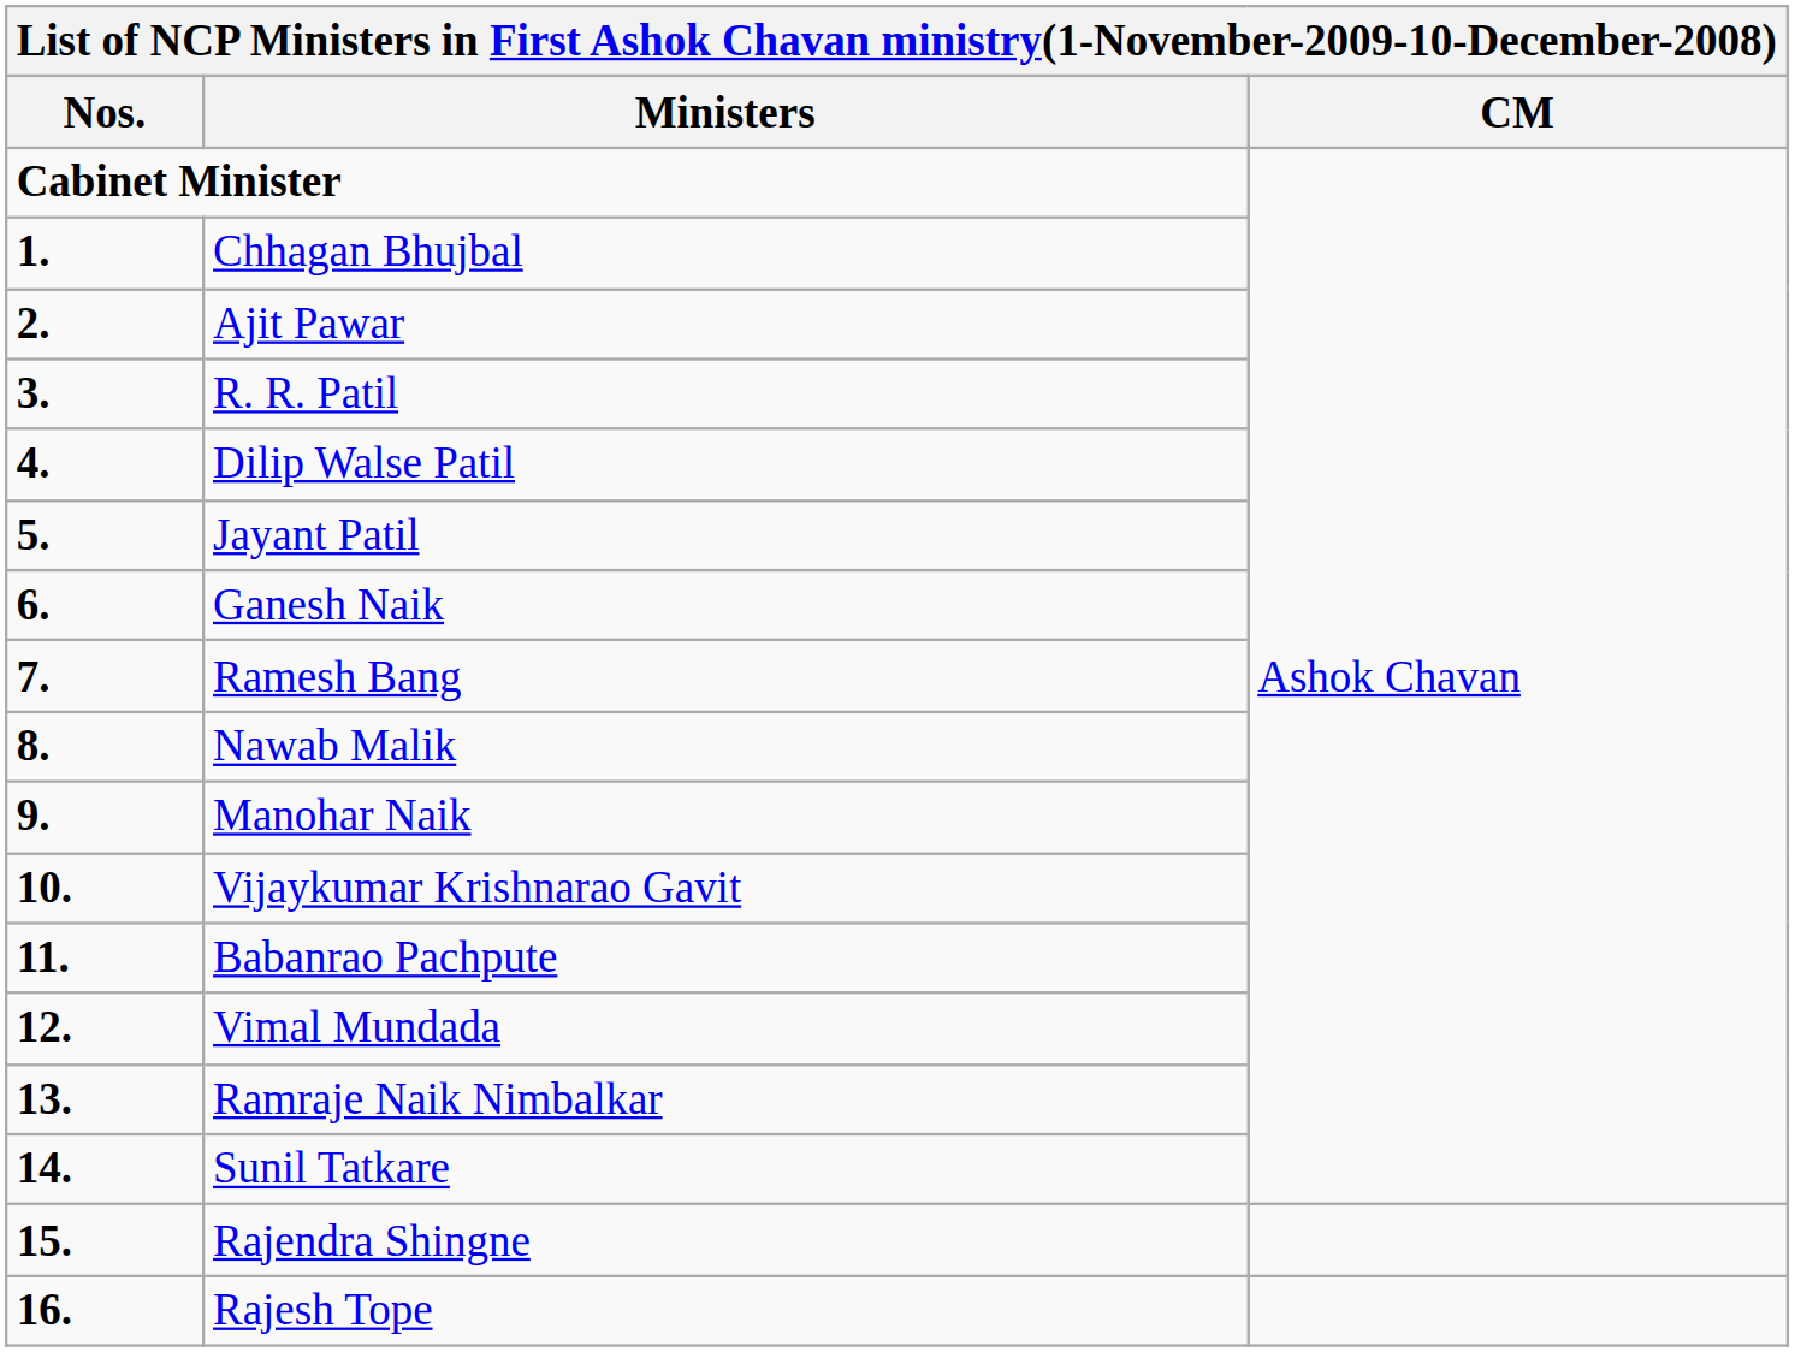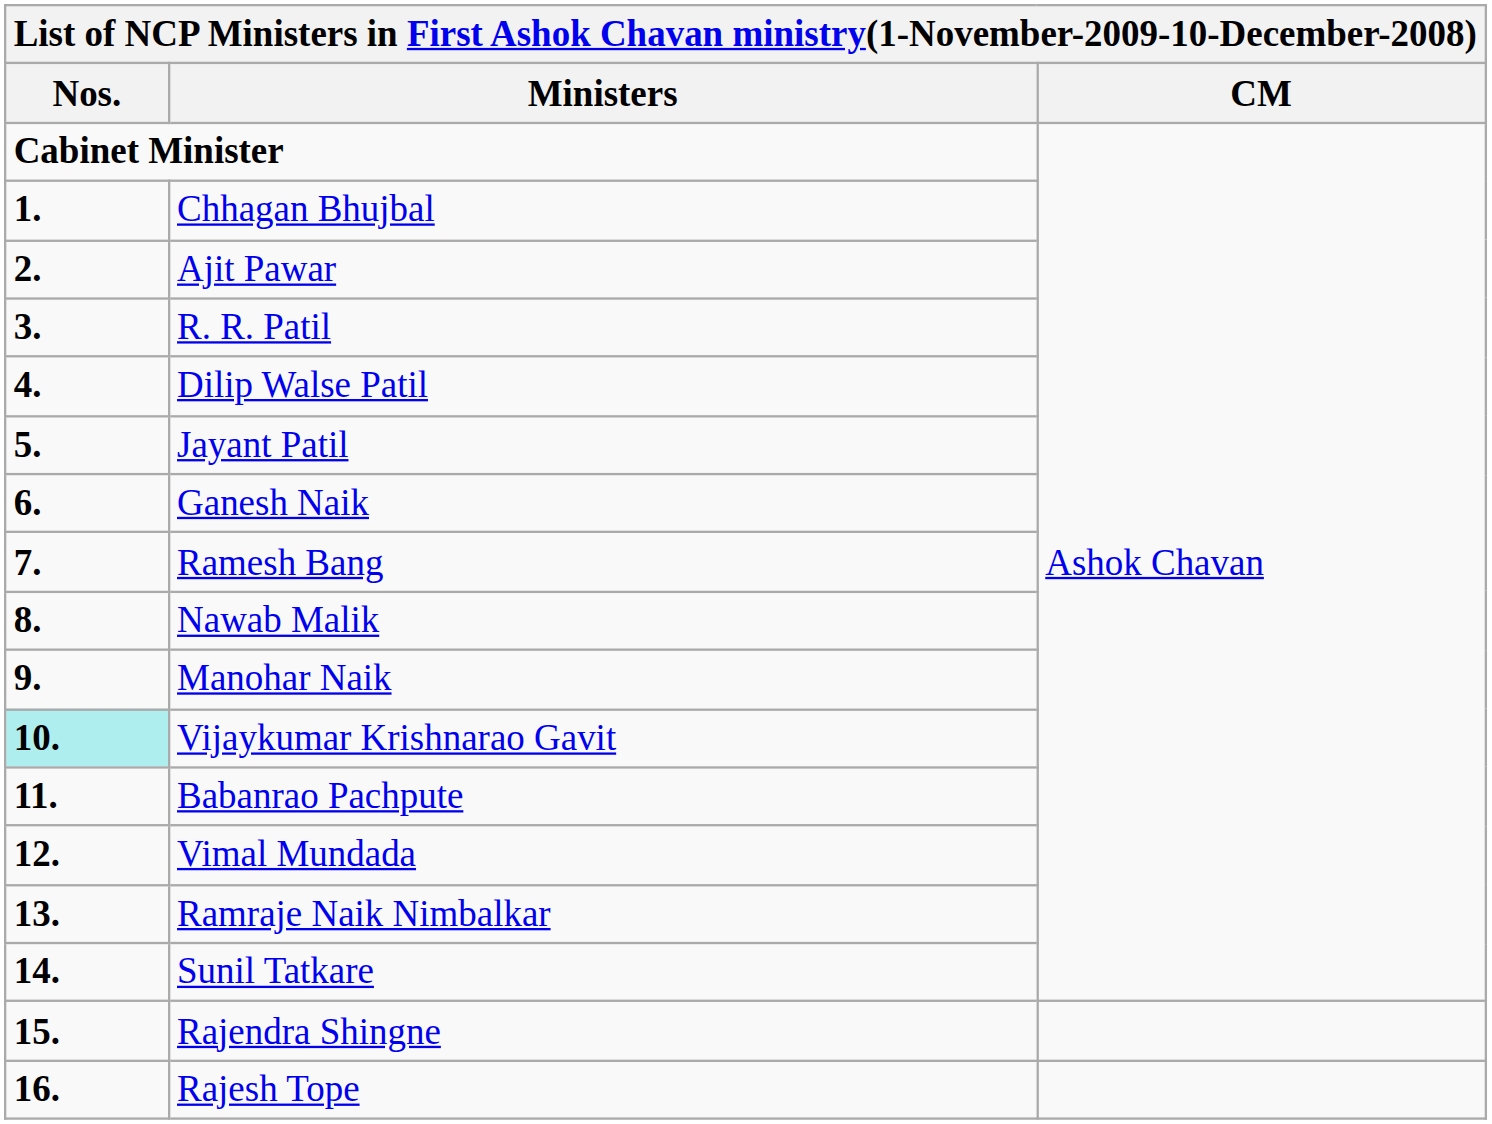 <table class="wikitable">
 <tr>
 <th colspan="3">List of NCP Ministers in <a href='#'>First Ashok Chavan ministry</a>(1-November-2009-10-December-2008)</th>
 </tr>
 <tr>
 <th>Nos.</th>
 <th>Ministers</th>
 <th>CM</th>
 </tr>
 <tr>
 <td colspan="2"><strong>Cabinet Minister</strong></td>
 <td rowspan="15"><a href='#'>Ashok Chavan</a></td>
 </tr>
 <tr>
 <td><strong>1.</strong></td>
 <td><a href='#'>Chhagan Bhujbal</a></td>
 </tr>
 <tr>
 <td><strong>2.</strong></td>
 <td><a href='#'>Ajit Pawar</a></td>
 </tr>
 <tr>
 <td><strong>3.</strong></td>
 <td><a href='#'>R. R. Patil</a></td>
 </tr>
 <tr>
 <td><strong>4.</strong></td>
 <td><a href='#'>Dilip Walse Patil</a></td>
 </tr>
 <tr>
 <td><strong>5.</strong></td>
 <td><a href='#'>Jayant Patil</a></td>
 </tr>
 <tr>
 <td><strong>6.</strong></td>
 <td><a href='#'>Ganesh Naik</a></td>
 </tr>
 <tr>
 <td><strong>7.</strong></td>
 <td><a href='#'>Ramesh Bang</a></td>
 </tr>
 <tr>
 <td><strong>8.</strong></td>
 <td><a href='#'>Nawab Malik</a></td>
 </tr>
 <tr>
 <td><strong>9.</strong></td>
 <td><a href='#'>Manohar Naik</a></td>
 </tr>
 <tr>
-<td><strong>10.</strong></td>
+<td style="background: paleturquoise;"><strong>10.</strong></td>
 <td><a href='#'>Vijaykumar Krishnarao Gavit</a></td>
 </tr>
 <tr>
 <td><strong>11.</strong></td>
 <td><a href='#'>Babanrao Pachpute</a></td>
 </tr>
 <tr>
 <td><strong>12.</strong></td>
 <td><a href='#'>Vimal Mundada</a></td>
 </tr>
 <tr>
 <td><strong>13.</strong></td>
 <td><a href='#'>Ramraje Naik Nimbalkar</a></td>
 </tr>
 <tr>
 <td><strong>14.</strong></td>
 <td><a href='#'>Sunil Tatkare</a></td>
 </tr>
 <tr>
 <td><strong>15.</strong></td>
 <td><a href='#'>Rajendra Shingne</a></td>
 <td></td>
 </tr>
 <tr>
 <td><strong>16.</strong></td>
 <td><a href='#'>Rajesh Tope</a></td>
 <td></td>
 </tr>
 </table>
